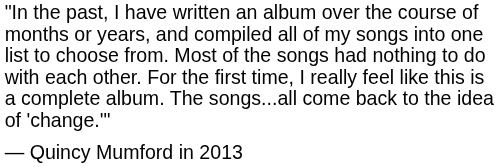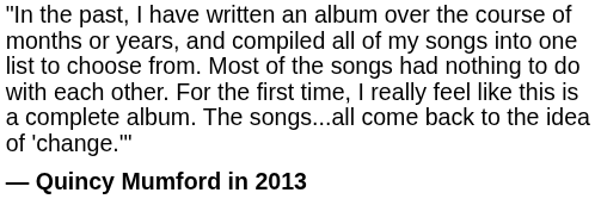 <table class="toccolours" style="float: left; margin-left: 0em; margin-right: 2em; font-size: 85%; background:offwhite; color:black; width:26em; max-width: 40%;" cellspacing="5">
 <tr>
 <td style="text-align: left;">"In the past, I have written an album over the course of months or years, and compiled all of my songs into one list to choose from. Most of the songs had nothing to do with each other. For the first time, I really feel like this is a complete album. The songs...all come back to the idea of 'change.'"</td>
 </tr>
 <tr>
-<td style="text-align: left;">— Quincy Mumford in 2013</td>
+<td style="text-align: left;"><strong>— Quincy Mumford in 2013</strong></td>
 </tr>
 </table>
